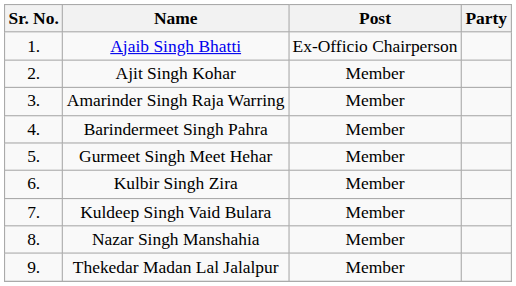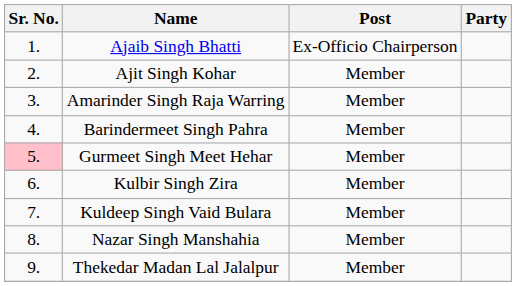 <table class="wikitable sortable">
 <tr>
 <th>Sr. No.</th>
 <th>Name</th>
 <th>Post</th>
 <th colspan="2">Party</th>
 </tr>
 <tr align="center">
 <td>1.</td>
 <td><a href='#'>Ajaib Singh Bhatti</a></td>
 <td>Ex-Officio Chairperson</td>
 <td></td>
 </tr>
 <tr align="center">
 <td>2.</td>
 <td>Ajit Singh Kohar</td>
 <td>Member</td>
 <td></td>
 </tr>
 <tr align="center">
 <td>3.</td>
 <td>Amarinder Singh Raja Warring</td>
 <td>Member</td>
 <td></td>
 </tr>
 <tr align="center">
 <td>4.</td>
 <td>Barindermeet Singh Pahra</td>
 <td>Member</td>
 <td></td>
 </tr>
 <tr align="center">
-<td>5.</td>
+<td style="background: pink;">5.</td>
 <td>Gurmeet Singh Meet Hehar</td>
 <td>Member</td>
 <td></td>
 </tr>
 <tr align="center">
 <td>6.</td>
 <td>Kulbir Singh Zira</td>
 <td>Member</td>
 <td></td>
 </tr>
 <tr align="center">
 <td>7.</td>
 <td>Kuldeep Singh Vaid Bulara</td>
 <td>Member</td>
 <td></td>
 </tr>
 <tr align="center">
 <td>8.</td>
 <td>Nazar Singh Manshahia</td>
 <td>Member</td>
 <td></td>
 </tr>
 <tr align="center">
 <td>9.</td>
 <td>Thekedar Madan Lal Jalalpur</td>
 <td>Member</td>
 <td></td>
 </tr>
 <tr align="center">
 </tr>
 </table>
